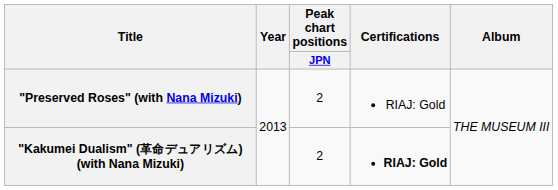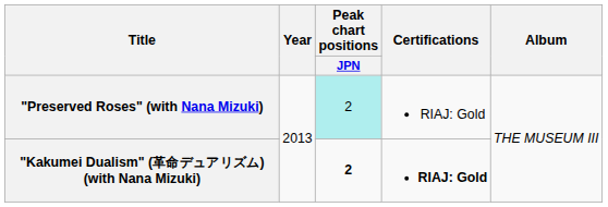 <table class="wikitable plainrowheaders" style="text-align:center;">
 <tr>
 <th rowspan="2" style="width:20em;">Title</th>
 <th rowspan="2">Year</th>
 <th colspan="1">Peak chart positions</th>
 <th rowspan="2">Certifications</th>
 <th rowspan="2">Album</th>
 </tr>
 <tr>
 <th scope="col" style="width:2.5em;font-size:90%;"><a href='#'>JPN</a><br></th>
 </tr>
 <tr>
 <th scope="row">"Preserved Roses" (with <a href='#'>Nana Mizuki</a>)</th>
 <td rowspan="2">2013</td>
-<td>2</td>
+<td style="background: paleturquoise;">2</td>
 <td><br><ul><li>RIAJ: Gold</li></ul></td>
 <td rowspan="2"><em>THE MUSEUM III</em></td>
 </tr>
 <tr>
 <th scope="row">"Kakumei Dualism" (革命デュアリズム) (with Nana Mizuki)</th>
-<td>2</td>
+<td><strong>2</strong></td>
 <td><strong><br><ul><li>RIAJ: Gold</li></ul></strong></td>
 </tr>
 </table>
